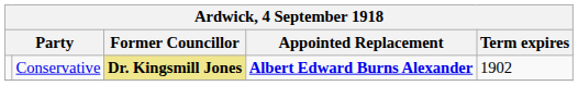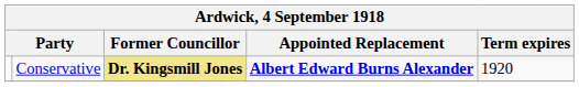 <table class="wikitable">
 <tr>
 <th colspan="5"><strong>Ardwick, 4 September 1918</strong></th>
 </tr>
 <tr>
 <th colspan="2">Party</th>
 <th>Former Councillor</th>
 <th>Appointed Replacement</th>
 <th>Term expires</th>
 </tr>
 <tr>
 <td style="background-color:"></td>
 <td><a href='#'>Conservative</a></td>
 <td style="background: khaki;"><strong>Dr. Kingsmill Jones</strong></td>
 <td><strong><a href='#'>Albert Edward Burns Alexander</a></strong></td>
-<td>1902</td>
+<td>1920</td>
 </tr>
 <tr>
 </tr>
 </table>
